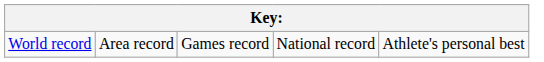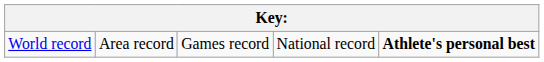 <table class="wikitable" style="font-size:88%">
 <tr>
 <th colspan=5>Key:</th>
 </tr>
 <tr>
 <td><a href='#'>World record</a></td>
 <td>Area record</td>
 <td>Games record</td>
 <td>National record</td>
-<td>Athlete's personal best</td>
+<td><strong>Athlete's personal best</strong></td>
 </tr>
 </table>
